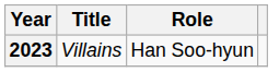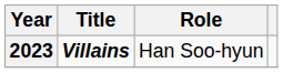 <table class="wikitable  plainrowheaders">
 <tr>
 <th scope="col">Year</th>
 <th scope="col">Title</th>
 <th scope="col">Role</th>
 <th scope="col" class="unsortable"></th>
 </tr>
 <tr>
 <th scope="row">2023</th>
-<td><em>Villains</em></td>
+<td><strong><em>Villains</em></strong></td>
 <td>Han Soo-hyun</td>
 <td></td>
 </tr>
 <tr>
 </tr>
 </table>
